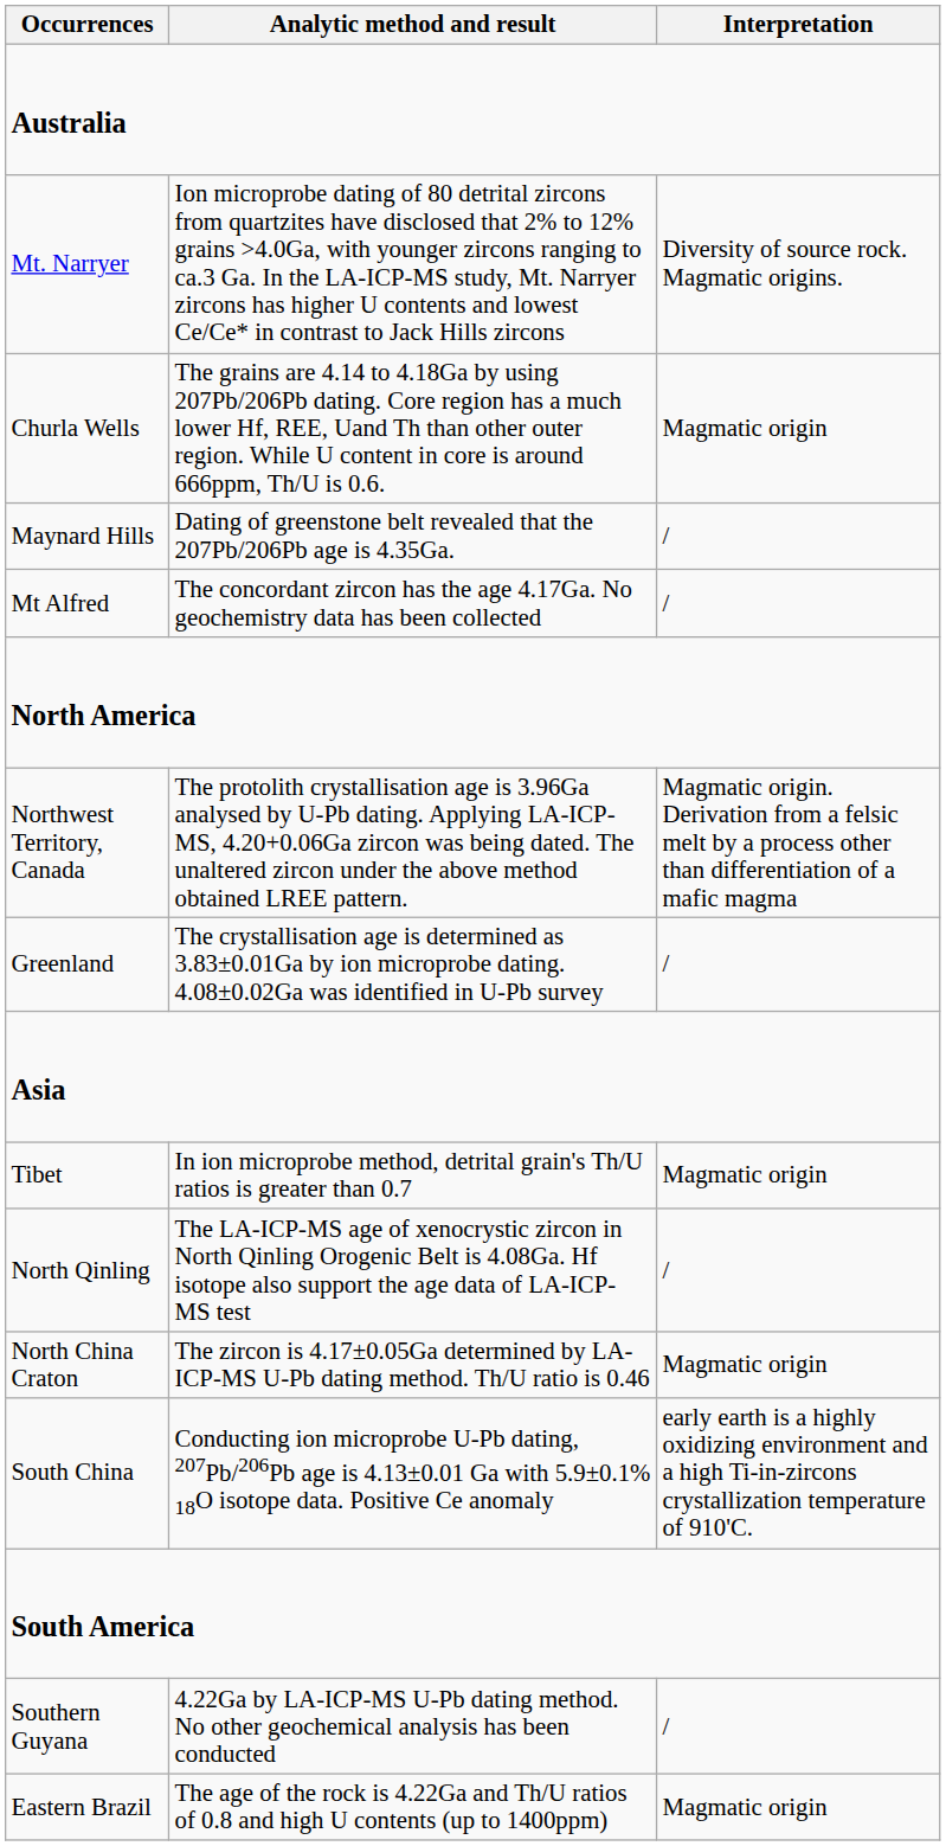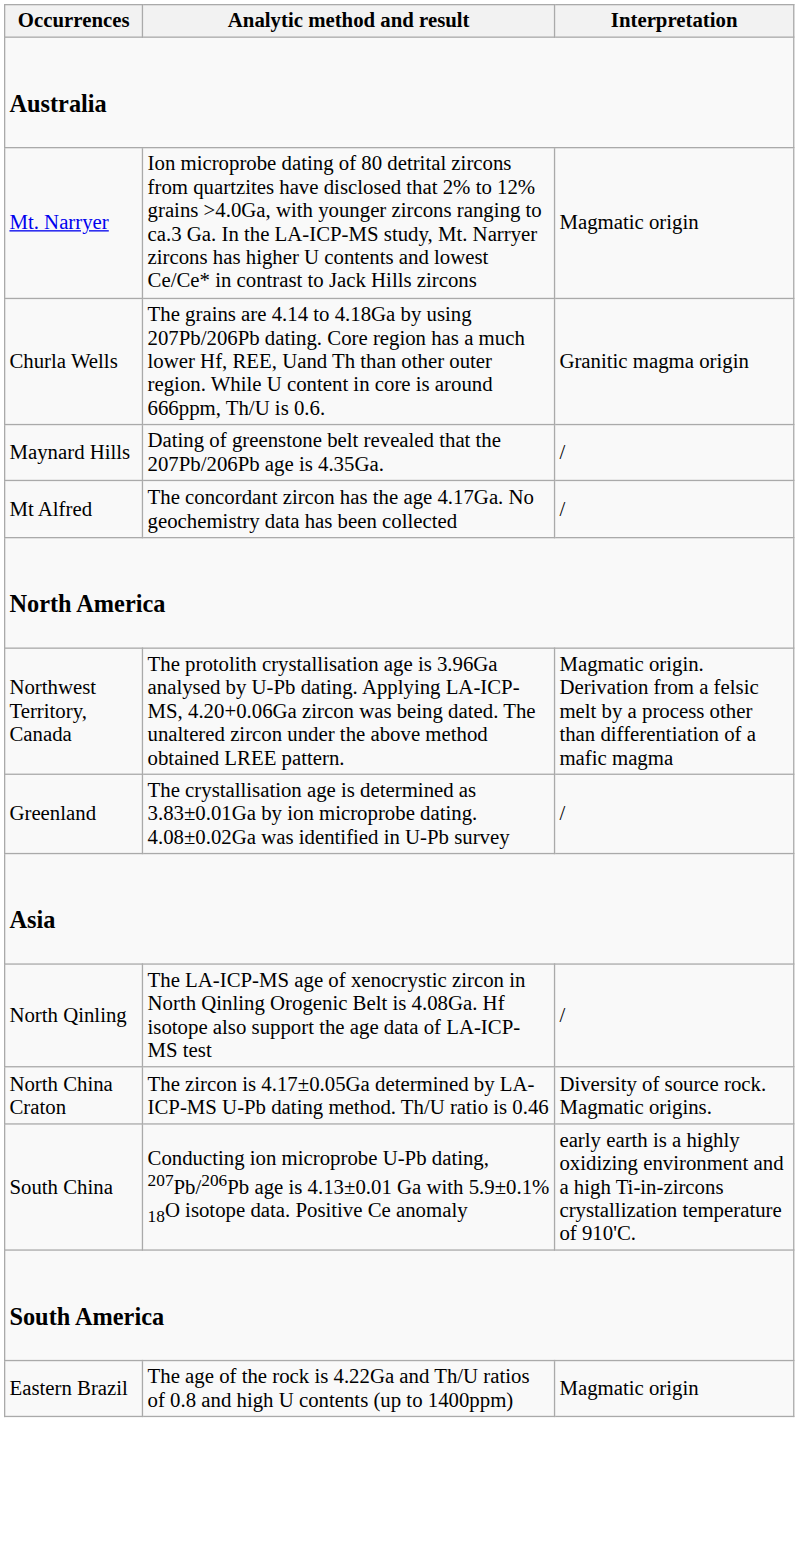 <table class="wikitable">
 <tr>
 <th>Occurrences</th>
 <th>Analytic method and result</th>
 <th>Interpretation</th>
 </tr>
 <tr>
 <td colspan="3"><br><h3>Australia</h3></td>
 </tr>
 <tr>
 <td><a href='#'>Mt. Narryer</a></td>
 <td>Ion microprobe dating of 80 detrital zircons from quartzites have disclosed that 2% to 12% grains >4.0Ga, with younger zircons ranging to ca.3 Ga. In the LA-ICP-MS study, Mt. Narryer zircons has higher U contents and lowest Ce/Ce* in contrast to Jack Hills zircons</td>
-<td>Diversity of source rock. Magmatic origins.</td>
+<td>Magmatic origin</td>
 </tr>
 <tr>
 <td>Churla Wells</td>
 <td>The grains are 4.14 to 4.18Ga by using 207Pb/206Pb dating. Core region has a much lower Hf, REE, Uand Th than other outer region. While U content in core is around 666ppm, Th/U is 0.6.</td>
-<td>Magmatic origin</td>
+<td>Granitic magma origin</td>
 </tr>
 <tr>
 <td>Maynard Hills</td>
 <td>Dating of greenstone belt revealed that the 207Pb/206Pb age is 4.35Ga.</td>
 <td>/</td>
 </tr>
 <tr>
 <td>Mt Alfred</td>
 <td>The concordant zircon has the age 4.17Ga. No geochemistry data has been collected</td>
 <td>/</td>
 </tr>
 <tr>
 <td colspan="3"><br><h3>North America</h3></td>
 </tr>
 <tr>
 <td>Northwest Territory, Canada</td>
 <td>The protolith crystallisation age is 3.96Ga analysed by U-Pb dating. Applying LA-ICP-MS, 4.20+0.06Ga zircon was being dated. The unaltered zircon under the above method obtained LREE pattern.</td>
 <td>Magmatic origin. Derivation from a felsic melt by a process other than differentiation of a mafic magma</td>
 </tr>
 <tr>
 <td>Greenland</td>
 <td>The crystallisation age is determined as 3.83±0.01Ga by ion microprobe dating. 4.08±0.02Ga was identified in U-Pb survey</td>
 <td>/</td>
 </tr>
 <tr>
 <td colspan="3"><br><h3>Asia</h3></td>
 </tr>
 <tr>
-<td>Tibet</td>
-<td>In ion microprobe method, detrital grain's Th/U ratios is greater than 0.7</td>
-<td>Magmatic origin</td>
-</tr>
-<tr>
 <td>North Qinling</td>
 <td>The LA-ICP-MS age of xenocrystic zircon in North Qinling Orogenic Belt is 4.08Ga. Hf isotope also support the age data of LA-ICP-MS test</td>
 <td>/</td>
 </tr>
 <tr>
 <td>North China Craton</td>
 <td>The zircon is 4.17±0.05Ga determined by LA-ICP-MS U-Pb dating method. Th/U ratio is 0.46</td>
-<td>Magmatic origin</td>
+<td>Diversity of source rock. Magmatic origins.</td>
 </tr>
 <tr>
 <td>South China</td>
 <td>Conducting ion microprobe U-Pb dating, <sup>207</sup>Pb/<sup>206</sup>Pb age is 4.13±0.01 Ga with 5.9±0.1% <sub>18</sub>O isotope data. Positive Ce anomaly</td>
 <td>early earth is a highly oxidizing environment and a high Ti-in-zircons crystallization temperature of 910'C.</td>
 </tr>
 <tr>
 <td colspan="3"><br><h3>South America</h3></td>
 </tr>
 <tr>
-<td>Southern Guyana</td>
-<td>4.22Ga by LA-ICP-MS U-Pb dating method. No other geochemical analysis has been conducted</td>
-<td>/</td>
-</tr>
-<tr>
 <td>Eastern Brazil</td>
 <td>The age of the rock is 4.22Ga and Th/U ratios of 0.8 and high U contents (up to 1400ppm)</td>
 <td>Magmatic origin</td>
 </tr>
 </table>
